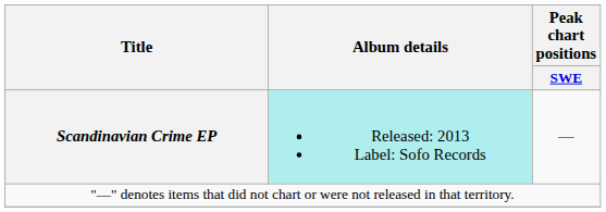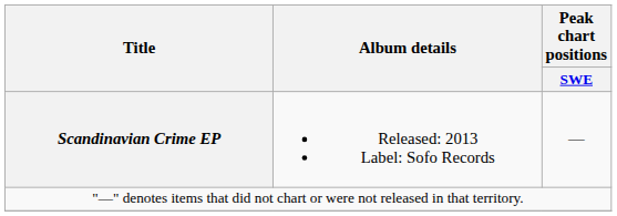 <table class="wikitable plainrowheaders" style="text-align:center;">
 <tr>
 <th scope="col" rowspan="2" style="width:16em;">Title</th>
 <th scope="col" rowspan="2" style="width:16em;">Album details</th>
 <th scope="col" colspan="1">Peak<br>chart<br>positions</th>
 </tr>
 <tr>
 <th style="width:2em;font-size:90%;"><a href='#'>SWE</a><br></th>
 </tr>
 <tr>
 <th scope="row"><em>Scandinavian Crime EP</em></th>
-<td style="background: paleturquoise;"><br><ul><li>Released: 2013</li><li>Label: Sofo Records</li></ul></td>
+<td><br><ul><li>Released: 2013</li><li>Label: Sofo Records</li></ul></td>
 <td>—</td>
 </tr>
 <tr>
 <td align="center" colspan="15" style="font-size:90%">"—" denotes items that did not chart or were not released in that territory.</td>
 </tr>
 <tr>
 </tr>
 </table>
